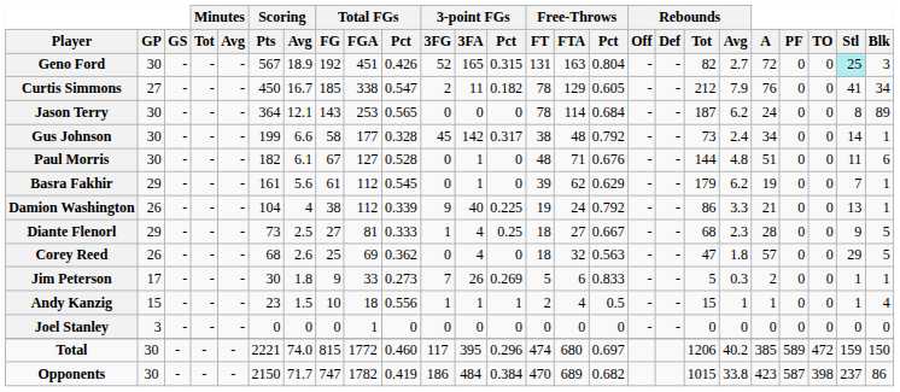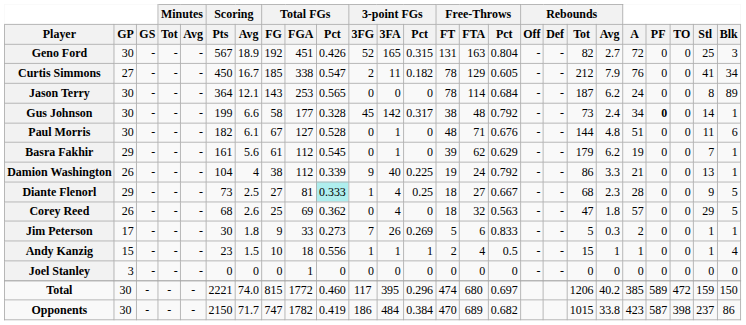 <table class="wikitable sortable" border="1" style="font-size:90%;">
 <tr>
 <th colspan="3" style="border-top-style:hidden; border-left-style:hidden; background: white;"></th>
 <th colspan="2" style=>Minutes</th>
 <th colspan="2" style=>Scoring</th>
 <th colspan="3" style=>Total FGs</th>
 <th colspan="3" style=>3-point FGs</th>
 <th colspan="3" style=>Free-Throws</th>
 <th colspan="4" style=>Rebounds</th>
 <th colspan="5" style="border-top-style:hidden; border-right-style:hidden; background: white;"></th>
 </tr>
 <tr>
 <th scope="col" style=>Player</th>
 <th scope="col" style=>GP</th>
 <th scope="col" style=>GS</th>
 <th scope="col" style=>Tot</th>
 <th scope="col" style=>Avg</th>
 <th scope="col" style=>Pts</th>
 <th scope="col" style=>Avg</th>
 <th scope="col" style=>FG</th>
 <th scope="col" style=>FGA</th>
 <th scope="col" style=>Pct</th>
 <th scope="col" style=>3FG</th>
 <th scope="col" style=>3FA</th>
 <th scope="col" style=>Pct</th>
 <th scope="col" style=>FT</th>
 <th scope="col" style=>FTA</th>
 <th scope="col" style=>Pct</th>
 <th scope="col" style=>Off</th>
 <th scope="col" style=>Def</th>
 <th scope="col" style=>Tot</th>
 <th scope="col" style=>Avg</th>
 <th scope="col" style=>A</th>
 <th scope="col" style=>PF</th>
 <th scope="col" style=>TO</th>
 <th scope="col" style=>Stl</th>
 <th scope="col" style=>Blk</th>
 </tr>
 <tr>
 <th>Geno Ford</th>
 <td align="right">30</td>
 <td align="right">-</td>
 <td align="right">-</td>
 <td align="right">-</td>
 <td align="right">567</td>
 <td align="right">18.9</td>
 <td align="right">192</td>
 <td align="right">451</td>
 <td align="right">0.426</td>
 <td align="right">52</td>
 <td align="right">165</td>
 <td align="right">0.315</td>
 <td align="right">131</td>
 <td align="right">163</td>
 <td align="right">0.804</td>
 <td align="right">-</td>
 <td align="right">-</td>
 <td align="right">82</td>
 <td align="right">2.7</td>
 <td align="right">72</td>
 <td align="right">0</td>
 <td align="right">0</td>
-<td align="right" style="background: paleturquoise;">25</td>
+<td align="right">25</td>
 <td align="right">3</td>
 </tr>
 <tr>
 <th>Curtis Simmons</th>
 <td align="right">27</td>
 <td align="right">-</td>
 <td align="right">-</td>
 <td align="right">-</td>
 <td align="right">450</td>
 <td align="right">16.7</td>
 <td align="right">185</td>
 <td align="right">338</td>
 <td align="right">0.547</td>
 <td align="right">2</td>
 <td align="right">11</td>
 <td align="right">0.182</td>
 <td align="right">78</td>
 <td align="right">129</td>
 <td align="right">0.605</td>
 <td align="right">-</td>
 <td align="right">-</td>
 <td align="right">212</td>
 <td align="right">7.9</td>
 <td align="right">76</td>
 <td align="right">0</td>
 <td align="right">0</td>
 <td align="right">41</td>
 <td align="right">34</td>
 </tr>
 <tr>
 <th>Jason Terry</th>
 <td align="right">30</td>
 <td align="right">-</td>
 <td align="right">-</td>
 <td align="right">-</td>
 <td align="right">364</td>
 <td align="right">12.1</td>
 <td align="right">143</td>
 <td align="right">253</td>
 <td align="right">0.565</td>
 <td align="right">0</td>
 <td align="right">0</td>
 <td align="right">0</td>
 <td align="right">78</td>
 <td align="right">114</td>
 <td align="right">0.684</td>
 <td align="right">-</td>
 <td align="right">-</td>
 <td align="right">187</td>
 <td align="right">6.2</td>
 <td align="right">24</td>
 <td align="right">0</td>
 <td align="right">0</td>
 <td align="right">8</td>
 <td align="right">89</td>
 </tr>
 <tr>
 <th>Gus Johnson</th>
 <td align="right">30</td>
 <td align="right">-</td>
 <td align="right">-</td>
 <td align="right">-</td>
 <td align="right">199</td>
 <td align="right">6.6</td>
 <td align="right">58</td>
 <td align="right">177</td>
 <td align="right">0.328</td>
 <td align="right">45</td>
 <td align="right">142</td>
 <td align="right">0.317</td>
 <td align="right">38</td>
 <td align="right">48</td>
 <td align="right">0.792</td>
 <td align="right">-</td>
 <td align="right">-</td>
 <td align="right">73</td>
 <td align="right">2.4</td>
 <td align="right">34</td>
-<td align="right">0</td>
+<td align="right"><strong>0</strong></td>
 <td align="right">0</td>
 <td align="right">14</td>
 <td align="right">1</td>
 </tr>
 <tr>
 <th>Paul Morris</th>
 <td align="right">30</td>
 <td align="right">-</td>
 <td align="right">-</td>
 <td align="right">-</td>
 <td align="right">182</td>
 <td align="right">6.1</td>
 <td align="right">67</td>
 <td align="right">127</td>
 <td align="right">0.528</td>
 <td align="right">0</td>
 <td align="right">1</td>
 <td align="right">0</td>
 <td align="right">48</td>
 <td align="right">71</td>
 <td align="right">0.676</td>
 <td align="right">-</td>
 <td align="right">-</td>
 <td align="right">144</td>
 <td align="right">4.8</td>
 <td align="right">51</td>
 <td align="right">0</td>
 <td align="right">0</td>
 <td align="right">11</td>
 <td align="right">6</td>
 </tr>
 <tr>
 <th>Basra Fakhir</th>
 <td align="right">29</td>
 <td align="right">-</td>
 <td align="right">-</td>
 <td align="right">-</td>
 <td align="right">161</td>
 <td align="right">5.6</td>
 <td align="right">61</td>
 <td align="right">112</td>
 <td align="right">0.545</td>
 <td align="right">0</td>
 <td align="right">1</td>
 <td align="right">0</td>
 <td align="right">39</td>
 <td align="right">62</td>
 <td align="right">0.629</td>
 <td align="right">-</td>
 <td align="right">-</td>
 <td align="right">179</td>
 <td align="right">6.2</td>
 <td align="right">19</td>
 <td align="right">0</td>
 <td align="right">0</td>
 <td align="right">7</td>
 <td align="right">1</td>
 </tr>
 <tr>
 <th>Damion Washington</th>
 <td align="right">26</td>
 <td align="right">-</td>
 <td align="right">-</td>
 <td align="right">-</td>
 <td align="right">104</td>
 <td align="right">4</td>
 <td align="right">38</td>
 <td align="right">112</td>
 <td align="right">0.339</td>
 <td align="right">9</td>
 <td align="right">40</td>
 <td align="right">0.225</td>
 <td align="right">19</td>
 <td align="right">24</td>
 <td align="right">0.792</td>
 <td align="right">-</td>
 <td align="right">-</td>
 <td align="right">86</td>
 <td align="right">3.3</td>
 <td align="right">21</td>
 <td align="right">0</td>
 <td align="right">0</td>
 <td align="right">13</td>
 <td align="right">1</td>
 </tr>
 <tr>
 <th>Diante Flenorl</th>
 <td align="right">29</td>
 <td align="right">-</td>
 <td align="right">-</td>
 <td align="right">-</td>
 <td align="right">73</td>
 <td align="right">2.5</td>
 <td align="right">27</td>
 <td align="right">81</td>
-<td align="right">0.333</td>
+<td align="right" style="background: paleturquoise;">0.333</td>
 <td align="right">1</td>
 <td align="right">4</td>
 <td align="right">0.25</td>
 <td align="right">18</td>
 <td align="right">27</td>
 <td align="right">0.667</td>
 <td align="right">-</td>
 <td align="right">-</td>
 <td align="right">68</td>
 <td align="right">2.3</td>
 <td align="right">28</td>
 <td align="right">0</td>
 <td align="right">0</td>
 <td align="right">9</td>
 <td align="right">5</td>
 </tr>
 <tr>
 <th>Corey Reed</th>
 <td align="right">26</td>
 <td align="right">-</td>
 <td align="right">-</td>
 <td align="right">-</td>
 <td align="right">68</td>
 <td align="right">2.6</td>
 <td align="right">25</td>
 <td align="right">69</td>
 <td align="right">0.362</td>
 <td align="right">0</td>
 <td align="right">4</td>
 <td align="right">0</td>
 <td align="right">18</td>
 <td align="right">32</td>
 <td align="right">0.563</td>
 <td align="right">-</td>
 <td align="right">-</td>
 <td align="right">47</td>
 <td align="right">1.8</td>
 <td align="right">57</td>
 <td align="right">0</td>
 <td align="right">0</td>
 <td align="right">29</td>
 <td align="right">5</td>
 </tr>
 <tr>
 <th>Jim Peterson</th>
 <td align="right">17</td>
 <td align="right">-</td>
 <td align="right">-</td>
 <td align="right">-</td>
 <td align="right">30</td>
 <td align="right">1.8</td>
 <td align="right">9</td>
 <td align="right">33</td>
 <td align="right">0.273</td>
 <td align="right">7</td>
 <td align="right">26</td>
 <td align="right">0.269</td>
 <td align="right">5</td>
 <td align="right">6</td>
 <td align="right">0.833</td>
 <td align="right">-</td>
 <td align="right">-</td>
 <td align="right">5</td>
 <td align="right">0.3</td>
 <td align="right">2</td>
 <td align="right">0</td>
 <td align="right">0</td>
 <td align="right">1</td>
 <td align="right">1</td>
 </tr>
 <tr>
 <th>Andy Kanzig</th>
 <td align="right">15</td>
 <td align="right">-</td>
 <td align="right">-</td>
 <td align="right">-</td>
 <td align="right">23</td>
 <td align="right">1.5</td>
 <td align="right">10</td>
 <td align="right">18</td>
 <td align="right">0.556</td>
 <td align="right">1</td>
 <td align="right">1</td>
 <td align="right">1</td>
 <td align="right">2</td>
 <td align="right">4</td>
 <td align="right">0.5</td>
 <td align="right">-</td>
 <td align="right">-</td>
 <td align="right">15</td>
 <td align="right">1</td>
 <td align="right">1</td>
 <td align="right">0</td>
 <td align="right">0</td>
 <td align="right">1</td>
 <td align="right">4</td>
 </tr>
 <tr>
 <th>Joel Stanley</th>
 <td align="right">3</td>
 <td align="right">-</td>
 <td align="right">-</td>
 <td align="right">-</td>
 <td align="right">0</td>
 <td align="right">0</td>
 <td align="right">0</td>
 <td align="right">1</td>
 <td align="right">0</td>
 <td align="right">0</td>
 <td align="right">0</td>
 <td align="right">0</td>
 <td align="right">0</td>
 <td align="right">0</td>
 <td align="right">0</td>
 <td align="right">-</td>
 <td align="right">-</td>
 <td align="right">0</td>
 <td align="right">0</td>
 <td align="right">0</td>
 <td align="right">0</td>
 <td align="right">0</td>
 <td align="right">0</td>
 <td align="right">0</td>
 </tr>
 <tr>
 </tr>
 <tr class="sortbottom">
 <td align="center" style=><strong>Total</strong></td>
 <td align="center" style=>30</td>
 <td align="center" style=>-</td>
 <td align="center" style=>-</td>
 <td align="center" style=>-</td>
 <td align="center" style=>2221</td>
 <td align="center" style=>74.0</td>
 <td align="center" style=>815</td>
 <td align="center" style=>1772</td>
 <td align="center" style=>0.460</td>
 <td align="center" style=>117</td>
 <td align="center" style=>395</td>
 <td align="center" style=>0.296</td>
 <td align="center" style=>474</td>
 <td align="center" style=>680</td>
 <td align="center" style=>0.697</td>
 <td align="center" style=></td>
 <td align="center" style=></td>
 <td align="center" style=>1206</td>
 <td align="center" style=>40.2</td>
 <td align="center" style=>385</td>
 <td align="center" style=>589</td>
 <td align="center" style=>472</td>
 <td align="center" style=>159</td>
 <td align="center" style=>150</td>
 </tr>
 <tr class="sortbottom">
 <td align="center"><strong>Opponents</strong></td>
 <td align="center">30</td>
 <td align="center">-</td>
 <td align="center">-</td>
 <td align="center">-</td>
 <td align="center">2150</td>
 <td align="center">71.7</td>
 <td align="center">747</td>
 <td align="center">1782</td>
 <td align="center">0.419</td>
 <td align="center">186</td>
 <td align="center">484</td>
 <td align="center">0.384</td>
 <td align="center">470</td>
 <td align="center">689</td>
 <td align="center">0.682</td>
 <td align="center"></td>
 <td align="center"></td>
 <td align="center">1015</td>
 <td align="center">33.8</td>
 <td align="center">423</td>
 <td align="center">587</td>
 <td align="center">398</td>
 <td align="center">237</td>
 <td align="center">86</td>
 </tr>
 </table>
